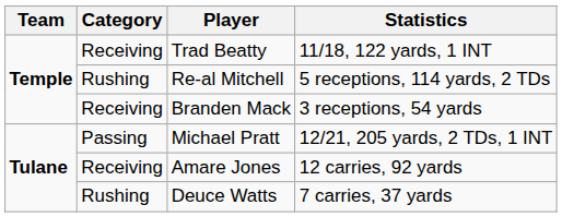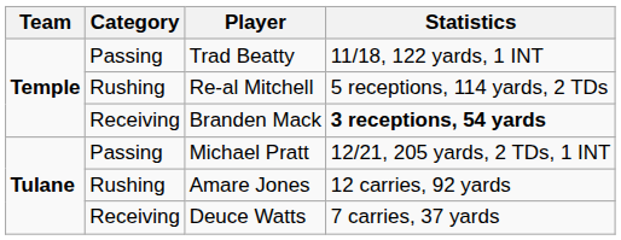 <table class="wikitable" style="float: left;">
 <tr>
 <th>Team</th>
 <th>Category</th>
 <th>Player</th>
 <th>Statistics</th>
 </tr>
 <tr>
 <td rowspan=3><strong>Temple</strong></td>
-<td>Receiving</td>
+<td>Passing</td>
 <td>Trad Beatty</td>
 <td>11/18, 122 yards, 1 INT</td>
 </tr>
 <tr>
 <td>Rushing</td>
 <td>Re-al Mitchell</td>
 <td>5 receptions, 114 yards, 2 TDs</td>
 </tr>
 <tr>
 <td>Receiving</td>
 <td>Branden Mack</td>
-<td>3 receptions, 54 yards</td>
+<td><strong>3 receptions, 54 yards</strong></td>
 </tr>
 <tr>
 <td rowspan=3><strong>Tulane</strong></td>
 <td>Passing</td>
 <td>Michael Pratt</td>
 <td>12/21, 205 yards, 2 TDs, 1 INT</td>
 </tr>
 <tr>
-<td>Receiving</td>
+<td>Rushing</td>
 <td>Amare Jones</td>
 <td>12 carries, 92 yards</td>
 </tr>
 <tr>
-<td>Rushing</td>
+<td>Receiving</td>
 <td>Deuce Watts</td>
 <td>7 carries, 37 yards</td>
 </tr>
 </table>
